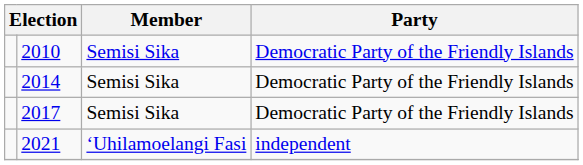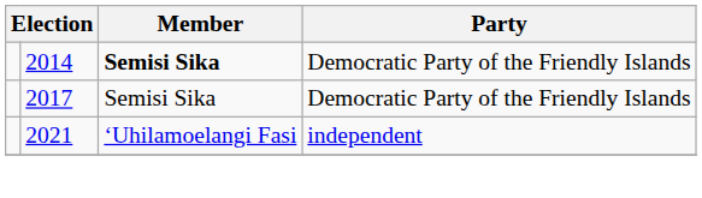 <table class="wikitable">
 <tr>
 <th colspan="2">Election</th>
 <th>Member</th>
 <th>Party</th>
 </tr>
 <tr>
 <td style="background-color: "></td>
-<td><a href='#'>2010</a></td>
-<td><a href='#'>Semisi Sika</a></td>
-<td><a href='#'>Democratic Party of the Friendly Islands</a></td>
-</tr>
-<tr>
-<td style="background-color: "></td>
 <td><a href='#'>2014</a></td>
-<td>Semisi Sika</td>
+<td><strong>Semisi Sika</strong></td>
 <td>Democratic Party of the Friendly Islands</td>
 </tr>
 <tr>
 <td style="background-color: "></td>
 <td><a href='#'>2017</a></td>
 <td>Semisi Sika</td>
 <td>Democratic Party of the Friendly Islands</td>
 </tr>
 <tr>
 <td style="background-color: "></td>
 <td><a href='#'>2021</a></td>
 <td><a href='#'>ʻUhilamoelangi Fasi</a></td>
 <td><a href='#'>independent</a></td>
 </tr>
 <tr>
 </tr>
 </table>
